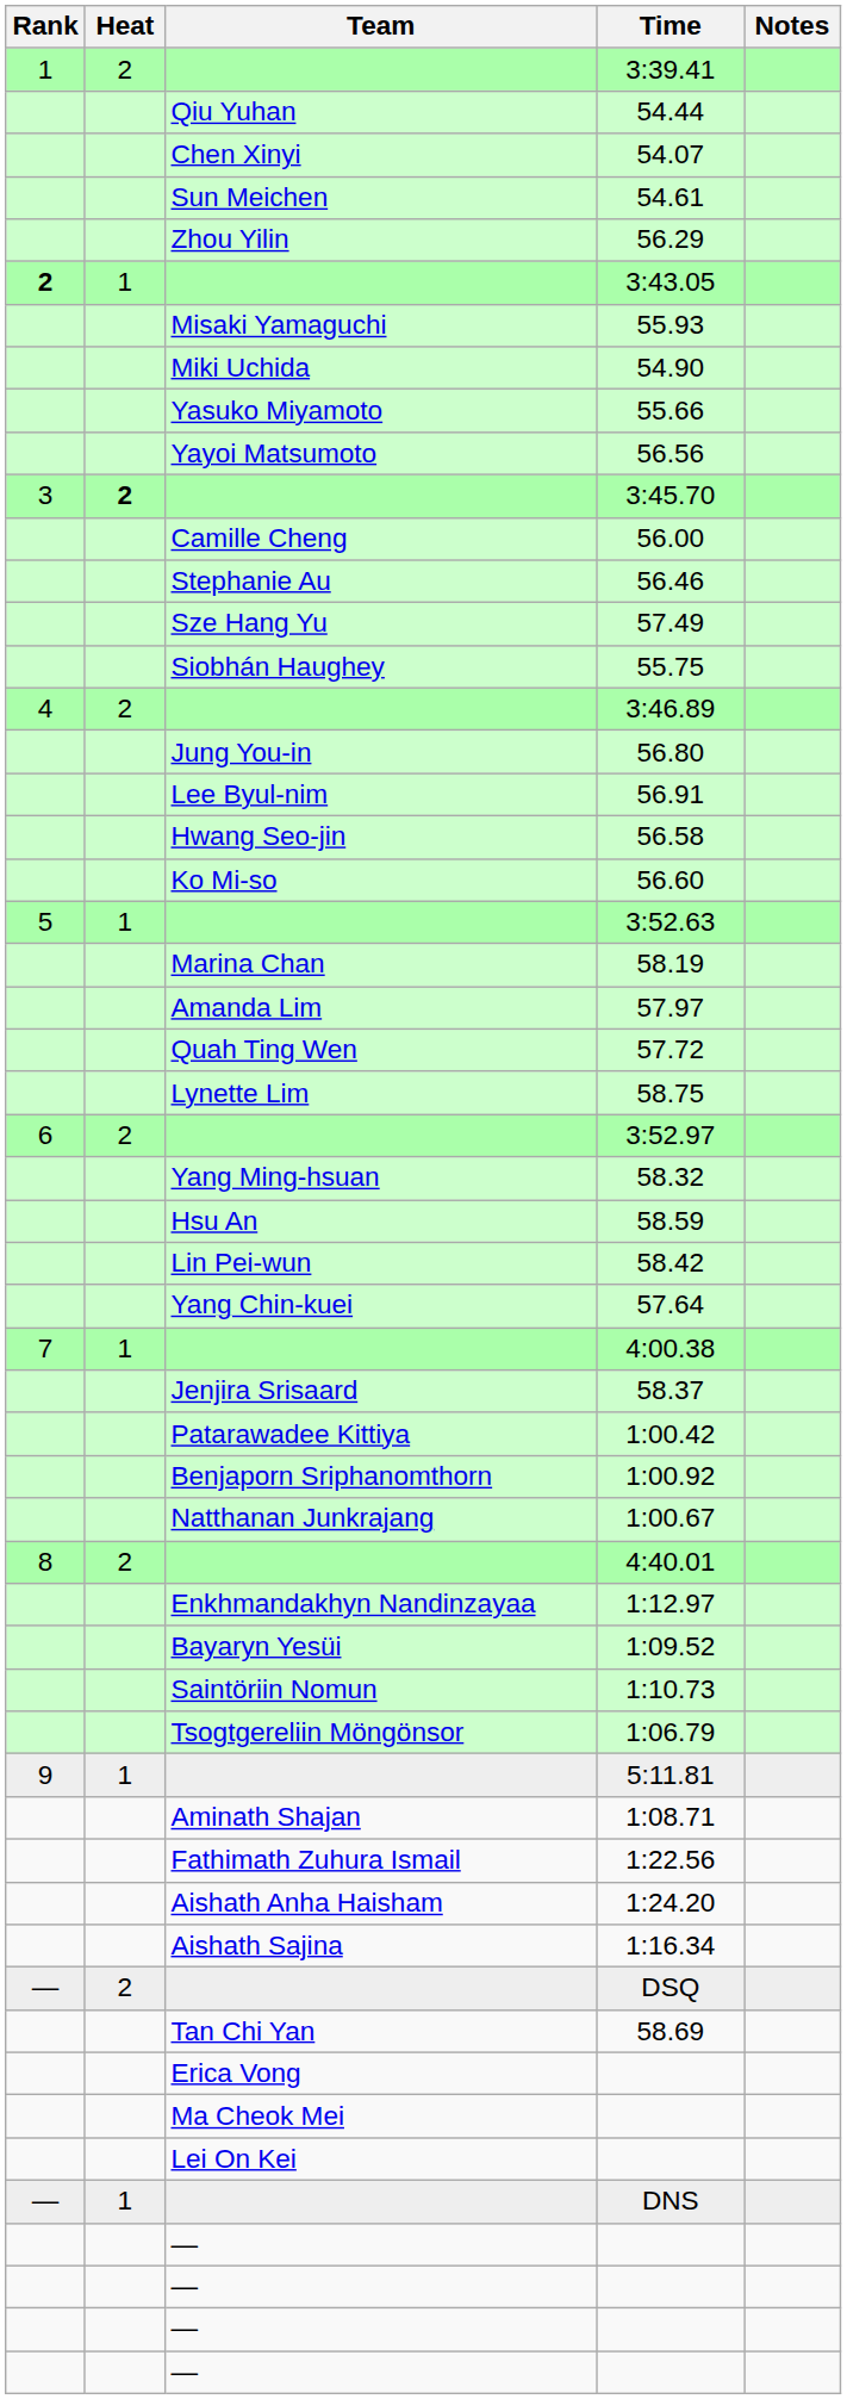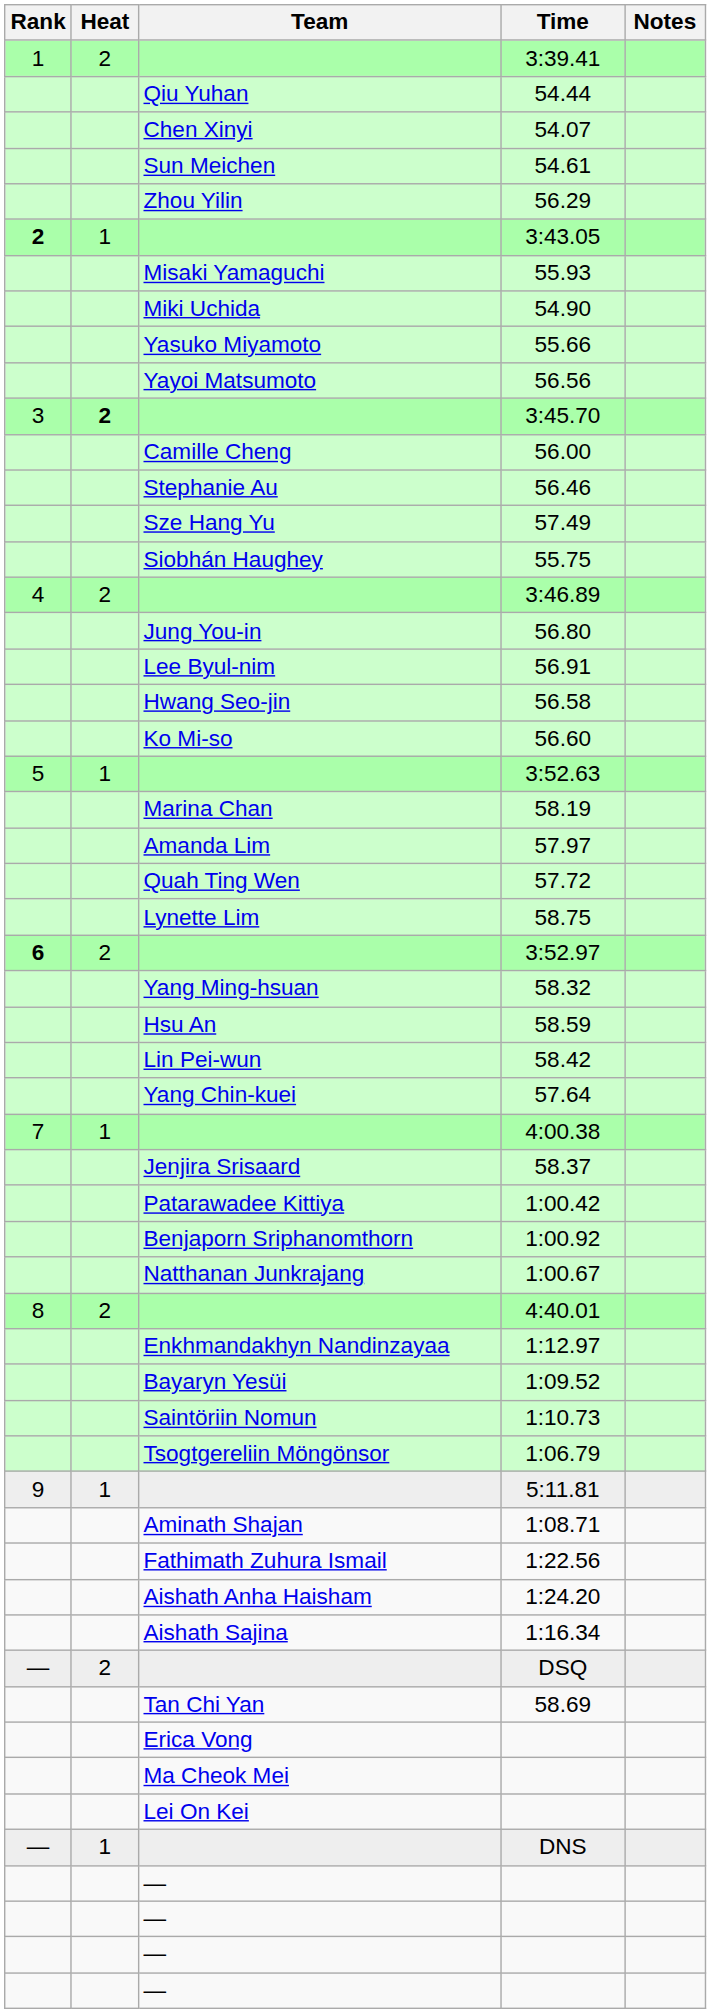 <table class="wikitable" style="text-align:center">
 <tr>
 <th width=40>Rank</th>
 <th width=40>Heat</th>
 <th width=250>Team</th>
 <th width=80>Time</th>
 <th width=50>Notes</th>
 </tr>
 <tr bgcolor="aaffaa">
 <td>1</td>
 <td>2</td>
 <td align=left></td>
 <td>3:39.41</td>
 <td></td>
 </tr>
 <tr bgcolor="ccffcc">
 <td></td>
 <td></td>
 <td align=left><a href='#'>Qiu Yuhan</a></td>
 <td>54.44</td>
 <td></td>
 </tr>
 <tr bgcolor="ccffcc">
 <td></td>
 <td></td>
 <td align=left><a href='#'>Chen Xinyi</a></td>
 <td>54.07</td>
 <td></td>
 </tr>
 <tr bgcolor="ccffcc">
 <td></td>
 <td></td>
 <td align=left><a href='#'>Sun Meichen</a></td>
 <td>54.61</td>
 <td></td>
 </tr>
 <tr bgcolor="ccffcc">
 <td></td>
 <td></td>
 <td align=left><a href='#'>Zhou Yilin</a></td>
 <td>56.29</td>
 <td></td>
 </tr>
 <tr bgcolor="aaffaa">
 <td><strong>2</strong></td>
 <td>1</td>
 <td align=left></td>
 <td>3:43.05</td>
 <td></td>
 </tr>
 <tr bgcolor="ccffcc">
 <td></td>
 <td></td>
 <td align=left><a href='#'>Misaki Yamaguchi</a></td>
 <td>55.93</td>
 <td></td>
 </tr>
 <tr bgcolor="ccffcc">
 <td></td>
 <td></td>
 <td align=left><a href='#'>Miki Uchida</a></td>
 <td>54.90</td>
 <td></td>
 </tr>
 <tr bgcolor="ccffcc">
 <td></td>
 <td></td>
 <td align=left><a href='#'>Yasuko Miyamoto</a></td>
 <td>55.66</td>
 <td></td>
 </tr>
 <tr bgcolor="ccffcc">
 <td></td>
 <td></td>
 <td align=left><a href='#'>Yayoi Matsumoto</a></td>
 <td>56.56</td>
 <td></td>
 </tr>
 <tr bgcolor="aaffaa">
 <td>3</td>
 <td><strong>2</strong></td>
 <td align=left></td>
 <td>3:45.70</td>
 <td></td>
 </tr>
 <tr bgcolor="ccffcc">
 <td></td>
 <td></td>
 <td align=left><a href='#'>Camille Cheng</a></td>
 <td>56.00</td>
 <td></td>
 </tr>
 <tr bgcolor="ccffcc">
 <td></td>
 <td></td>
 <td align=left><a href='#'>Stephanie Au</a></td>
 <td>56.46</td>
 <td></td>
 </tr>
 <tr bgcolor="ccffcc">
 <td></td>
 <td></td>
 <td align=left><a href='#'>Sze Hang Yu</a></td>
 <td>57.49</td>
 <td></td>
 </tr>
 <tr bgcolor="ccffcc">
 <td></td>
 <td></td>
 <td align=left><a href='#'>Siobhán Haughey</a></td>
 <td>55.75</td>
 <td></td>
 </tr>
 <tr bgcolor="aaffaa">
 <td>4</td>
 <td>2</td>
 <td align=left></td>
 <td>3:46.89</td>
 <td></td>
 </tr>
 <tr bgcolor="ccffcc">
 <td></td>
 <td></td>
 <td align=left><a href='#'>Jung You-in</a></td>
 <td>56.80</td>
 <td></td>
 </tr>
 <tr bgcolor="ccffcc">
 <td></td>
 <td></td>
 <td align=left><a href='#'>Lee Byul-nim</a></td>
 <td>56.91</td>
 <td></td>
 </tr>
 <tr bgcolor="ccffcc">
 <td></td>
 <td></td>
 <td align=left><a href='#'>Hwang Seo-jin</a></td>
 <td>56.58</td>
 <td></td>
 </tr>
 <tr bgcolor="ccffcc">
 <td></td>
 <td></td>
 <td align=left><a href='#'>Ko Mi-so</a></td>
 <td>56.60</td>
 <td></td>
 </tr>
 <tr bgcolor="aaffaa">
 <td>5</td>
 <td>1</td>
 <td align=left></td>
 <td>3:52.63</td>
 <td></td>
 </tr>
 <tr bgcolor="ccffcc">
 <td></td>
 <td></td>
 <td align=left><a href='#'>Marina Chan</a></td>
 <td>58.19</td>
 <td></td>
 </tr>
 <tr bgcolor="ccffcc">
 <td></td>
 <td></td>
 <td align=left><a href='#'>Amanda Lim</a></td>
 <td>57.97</td>
 <td></td>
 </tr>
 <tr bgcolor="ccffcc">
 <td></td>
 <td></td>
 <td align=left><a href='#'>Quah Ting Wen</a></td>
 <td>57.72</td>
 <td></td>
 </tr>
 <tr bgcolor="ccffcc">
 <td></td>
 <td></td>
 <td align=left><a href='#'>Lynette Lim</a></td>
 <td>58.75</td>
 <td></td>
 </tr>
 <tr bgcolor="aaffaa">
-<td>6</td>
+<td><strong>6</strong></td>
 <td>2</td>
 <td align=left></td>
 <td>3:52.97</td>
 <td></td>
 </tr>
 <tr bgcolor="ccffcc">
 <td></td>
 <td></td>
 <td align=left><a href='#'>Yang Ming-hsuan</a></td>
 <td>58.32</td>
 <td></td>
 </tr>
 <tr bgcolor="ccffcc">
 <td></td>
 <td></td>
 <td align=left><a href='#'>Hsu An</a></td>
 <td>58.59</td>
 <td></td>
 </tr>
 <tr bgcolor="ccffcc">
 <td></td>
 <td></td>
 <td align=left><a href='#'>Lin Pei-wun</a></td>
 <td>58.42</td>
 <td></td>
 </tr>
 <tr bgcolor="ccffcc">
 <td></td>
 <td></td>
 <td align=left><a href='#'>Yang Chin-kuei</a></td>
 <td>57.64</td>
 <td></td>
 </tr>
 <tr bgcolor="aaffaa">
 <td>7</td>
 <td>1</td>
 <td align=left></td>
 <td>4:00.38</td>
 <td></td>
 </tr>
 <tr bgcolor="ccffcc">
 <td></td>
 <td></td>
 <td align=left><a href='#'>Jenjira Srisaard</a></td>
 <td>58.37</td>
 <td></td>
 </tr>
 <tr bgcolor="ccffcc">
 <td></td>
 <td></td>
 <td align=left><a href='#'>Patarawadee Kittiya</a></td>
 <td>1:00.42</td>
 <td></td>
 </tr>
 <tr bgcolor="ccffcc">
 <td></td>
 <td></td>
 <td align=left><a href='#'>Benjaporn Sriphanomthorn</a></td>
 <td>1:00.92</td>
 <td></td>
 </tr>
 <tr bgcolor="ccffcc">
 <td></td>
 <td></td>
 <td align=left><a href='#'>Natthanan Junkrajang</a></td>
 <td>1:00.67</td>
 <td></td>
 </tr>
 <tr bgcolor="aaffaa">
 <td>8</td>
 <td>2</td>
 <td align=left></td>
 <td>4:40.01</td>
 <td></td>
 </tr>
 <tr bgcolor="ccffcc">
 <td></td>
 <td></td>
 <td align=left><a href='#'>Enkhmandakhyn Nandinzayaa</a></td>
 <td>1:12.97</td>
 <td></td>
 </tr>
 <tr bgcolor="ccffcc">
 <td></td>
 <td></td>
 <td align=left><a href='#'>Bayaryn Yesüi</a></td>
 <td>1:09.52</td>
 <td></td>
 </tr>
 <tr bgcolor="ccffcc">
 <td></td>
 <td></td>
 <td align=left><a href='#'>Saintöriin Nomun</a></td>
 <td>1:10.73</td>
 <td></td>
 </tr>
 <tr bgcolor="ccffcc">
 <td></td>
 <td></td>
 <td align=left><a href='#'>Tsogtgereliin Möngönsor</a></td>
 <td>1:06.79</td>
 <td></td>
 </tr>
 <tr bgcolor=eeeeee>
 <td>9</td>
 <td>1</td>
 <td align=left></td>
 <td>5:11.81</td>
 <td></td>
 </tr>
 <tr>
 <td></td>
 <td></td>
 <td align=left><a href='#'>Aminath Shajan</a></td>
 <td>1:08.71</td>
 <td></td>
 </tr>
 <tr>
 <td></td>
 <td></td>
 <td align=left><a href='#'>Fathimath Zuhura Ismail</a></td>
 <td>1:22.56</td>
 <td></td>
 </tr>
 <tr>
 <td></td>
 <td></td>
 <td align=left><a href='#'>Aishath Anha Haisham</a></td>
 <td>1:24.20</td>
 <td></td>
 </tr>
 <tr>
 <td></td>
 <td></td>
 <td align=left><a href='#'>Aishath Sajina</a></td>
 <td>1:16.34</td>
 <td></td>
 </tr>
 <tr bgcolor=eeeeee>
 <td>—</td>
 <td>2</td>
 <td align=left></td>
 <td>DSQ</td>
 <td></td>
 </tr>
 <tr>
 <td></td>
 <td></td>
 <td align=left><a href='#'>Tan Chi Yan</a></td>
 <td>58.69</td>
 <td></td>
 </tr>
 <tr>
 <td></td>
 <td></td>
 <td align=left><a href='#'>Erica Vong</a></td>
 <td></td>
 <td></td>
 </tr>
 <tr>
 <td></td>
 <td></td>
 <td align=left><a href='#'>Ma Cheok Mei</a></td>
 <td></td>
 <td></td>
 </tr>
 <tr>
 <td></td>
 <td></td>
 <td align=left><a href='#'>Lei On Kei</a></td>
 <td></td>
 <td></td>
 </tr>
 <tr bgcolor=eeeeee>
 <td>—</td>
 <td>1</td>
 <td align=left></td>
 <td>DNS</td>
 <td></td>
 </tr>
 <tr>
 <td></td>
 <td></td>
 <td align=left>—</td>
 <td></td>
 <td></td>
 </tr>
 <tr>
 <td></td>
 <td></td>
 <td align=left>—</td>
 <td></td>
 <td></td>
 </tr>
 <tr>
 <td></td>
 <td></td>
 <td align=left>—</td>
 <td></td>
 <td></td>
 </tr>
 <tr>
 <td></td>
 <td></td>
 <td align=left>—</td>
 <td></td>
 <td></td>
 </tr>
 </table>
